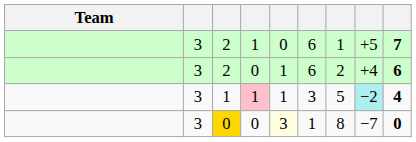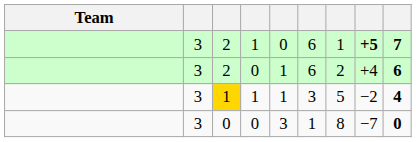 <table class="wikitable" style="text-align:center">
 <tr>
 <th width=165>Team</th>
 <th width=20></th>
 <th width=20></th>
 <th width=20></th>
 <th width=20></th>
 <th width=20></th>
 <th width=20></th>
 <th width=20></th>
 <th width=20></th>
 </tr>
 <tr bgcolor=ccffcc>
 <td align=left></td>
 <td>3</td>
 <td>2</td>
 <td>1</td>
 <td>0</td>
 <td>6</td>
 <td>1</td>
-<td>+5</td>
+<td><strong>+5</strong></td>
 <td><strong>7</strong></td>
 </tr>
 <tr bgcolor=ccffcc>
 <td align=left></td>
 <td>3</td>
 <td>2</td>
 <td>0</td>
 <td>1</td>
 <td>6</td>
 <td>2</td>
 <td>+4</td>
 <td><strong>6</strong></td>
 </tr>
 <tr>
 <td align=left></td>
 <td>3</td>
+<td style="background: gold;">1</td>
 <td>1</td>
-<td style="background: pink;">1</td>
 <td>1</td>
 <td>3</td>
 <td>5</td>
-<td style="background: paleturquoise;">−2</td>
+<td>−2</td>
 <td><strong>4</strong></td>
 </tr>
 <tr>
 <td align=left></td>
 <td>3</td>
-<td style="background: gold;">0</td>
 <td>0</td>
-<td style="background: lightyellow;">3</td>
+<td>0</td>
+<td>3</td>
 <td>1</td>
 <td>8</td>
 <td>−7</td>
 <td><strong>0</strong></td>
 </tr>
 </table>
